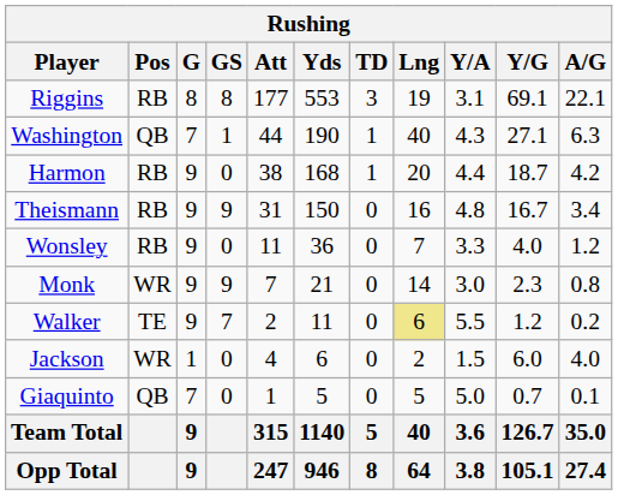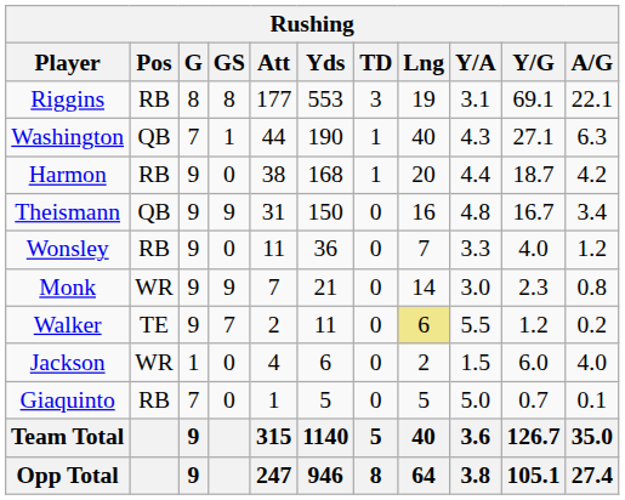 <table class="wikitable" style="text-align:center">
 <tr>
 <th colspan="11">Rushing</th>
 </tr>
 <tr>
 <th>Player</th>
 <th>Pos</th>
 <th>G</th>
 <th>GS</th>
 <th>Att</th>
 <th>Yds</th>
 <th>TD</th>
 <th>Lng</th>
 <th>Y/A</th>
 <th>Y/G</th>
 <th>A/G</th>
 </tr>
 <tr>
 <td><a href='#'>Riggins</a></td>
 <td>RB</td>
 <td>8</td>
 <td>8</td>
 <td>177</td>
 <td>553</td>
 <td>3</td>
 <td>19</td>
 <td>3.1</td>
 <td>69.1</td>
 <td>22.1</td>
 </tr>
 <tr>
 <td><a href='#'>Washington</a></td>
 <td>QB</td>
 <td>7</td>
 <td>1</td>
 <td>44</td>
 <td>190</td>
 <td>1</td>
 <td>40</td>
 <td>4.3</td>
 <td>27.1</td>
 <td>6.3</td>
 </tr>
 <tr>
 <td><a href='#'>Harmon</a></td>
 <td>RB</td>
 <td>9</td>
 <td>0</td>
 <td>38</td>
 <td>168</td>
 <td>1</td>
 <td>20</td>
 <td>4.4</td>
 <td>18.7</td>
 <td>4.2</td>
 </tr>
 <tr>
 <td><a href='#'>Theismann</a></td>
-<td>RB</td>
+<td>QB</td>
 <td>9</td>
 <td>9</td>
 <td>31</td>
 <td>150</td>
 <td>0</td>
 <td>16</td>
 <td>4.8</td>
 <td>16.7</td>
 <td>3.4</td>
 </tr>
 <tr>
 <td><a href='#'>Wonsley</a></td>
 <td>RB</td>
 <td>9</td>
 <td>0</td>
 <td>11</td>
 <td>36</td>
 <td>0</td>
 <td>7</td>
 <td>3.3</td>
 <td>4.0</td>
 <td>1.2</td>
 </tr>
 <tr>
 <td><a href='#'>Monk</a></td>
 <td>WR</td>
 <td>9</td>
 <td>9</td>
 <td>7</td>
 <td>21</td>
 <td>0</td>
 <td>14</td>
 <td>3.0</td>
 <td>2.3</td>
 <td>0.8</td>
 </tr>
 <tr>
 <td><a href='#'>Walker</a></td>
 <td>TE</td>
 <td>9</td>
 <td>7</td>
 <td>2</td>
 <td>11</td>
 <td>0</td>
 <td style="background: khaki;">6</td>
 <td>5.5</td>
 <td>1.2</td>
 <td>0.2</td>
 </tr>
 <tr>
 <td><a href='#'>Jackson</a></td>
 <td>WR</td>
 <td>1</td>
 <td>0</td>
 <td>4</td>
 <td>6</td>
 <td>0</td>
 <td>2</td>
 <td>1.5</td>
 <td>6.0</td>
 <td>4.0</td>
 </tr>
 <tr>
 <td><a href='#'>Giaquinto</a></td>
-<td>QB</td>
+<td>RB</td>
 <td>7</td>
 <td>0</td>
 <td>1</td>
 <td>5</td>
 <td>0</td>
 <td>5</td>
 <td>5.0</td>
 <td>0.7</td>
 <td>0.1</td>
 </tr>
 <tr>
 <th>Team Total</th>
 <th></th>
 <th>9</th>
 <th></th>
 <th>315</th>
 <th>1140</th>
 <th>5</th>
 <th>40</th>
 <th>3.6</th>
 <th>126.7</th>
 <th>35.0</th>
 </tr>
 <tr>
 <th>Opp Total</th>
 <th></th>
 <th>9</th>
 <th></th>
 <th>247</th>
 <th>946</th>
 <th>8</th>
 <th>64</th>
 <th>3.8</th>
 <th>105.1</th>
 <th>27.4</th>
 </tr>
 </table>
